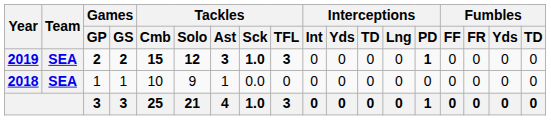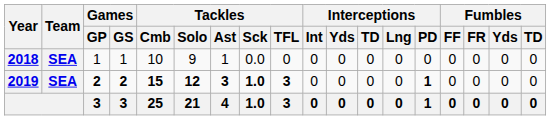 <table class="wikitable" style="text-align:center">
 <tr>
 <th rowspan="2">Year</th>
 <th rowspan="2">Team</th>
 <th colspan="2">Games</th>
 <th colspan="5">Tackles</th>
 <th colspan="5">Interceptions</th>
 <th colspan="4">Fumbles</th>
 </tr>
 <tr>
 <th>GP</th>
 <th>GS</th>
 <th>Cmb</th>
 <th>Solo</th>
 <th>Ast</th>
 <th>Sck</th>
 <th>TFL</th>
 <th>Int</th>
 <th>Yds</th>
 <th>TD</th>
 <th>Lng</th>
 <th>PD</th>
 <th>FF</th>
 <th>FR</th>
 <th>Yds</th>
 <th>TD</th>
 </tr>
 <tr>
+<th><a href='#'>2018</a></th>
+<th><a href='#'>SEA</a></th>
+<td>1</td>
+<td>1</td>
+<td>10</td>
+<td>9</td>
+<td>1</td>
+<td>0.0</td>
+<td>0</td>
+<td>0</td>
+<td>0</td>
+<td>0</td>
+<td>0</td>
+<td>0</td>
+<td>0</td>
+<td>0</td>
+<td>0</td>
+<td>0</td>
+</tr>
+<tr>
 <th><a href='#'>2019</a></th>
 <th><a href='#'>SEA</a></th>
 <td><strong>2</strong></td>
 <td><strong>2</strong></td>
 <td><strong>15</strong></td>
 <td><strong>12</strong></td>
 <td><strong>3</strong></td>
 <td><strong>1.0</strong></td>
 <td><strong>3</strong></td>
 <td>0</td>
 <td>0</td>
 <td>0</td>
 <td>0</td>
 <td><strong>1</strong></td>
-<td>0</td>
-<td>0</td>
-<td>0</td>
-<td>0</td>
-</tr>
-<tr>
-<th><a href='#'>2018</a></th>
-<th><a href='#'>SEA</a></th>
-<td>1</td>
-<td>1</td>
-<td>10</td>
-<td>9</td>
-<td>1</td>
-<td>0.0</td>
-<td>0</td>
-<td>0</td>
-<td>0</td>
-<td>0</td>
-<td>0</td>
-<td>0</td>
 <td>0</td>
 <td>0</td>
 <td>0</td>
 <td>0</td>
 </tr>
 <tr>
 <th colspan="2"></th>
 <th>3</th>
 <th>3</th>
 <th>25</th>
 <th>21</th>
 <th>4</th>
 <th>1.0</th>
 <th>3</th>
 <th>0</th>
 <th>0</th>
 <th>0</th>
 <th>0</th>
 <th>1</th>
 <th>0</th>
 <th>0</th>
 <th>0</th>
 <th>0</th>
 </tr>
 </table>
